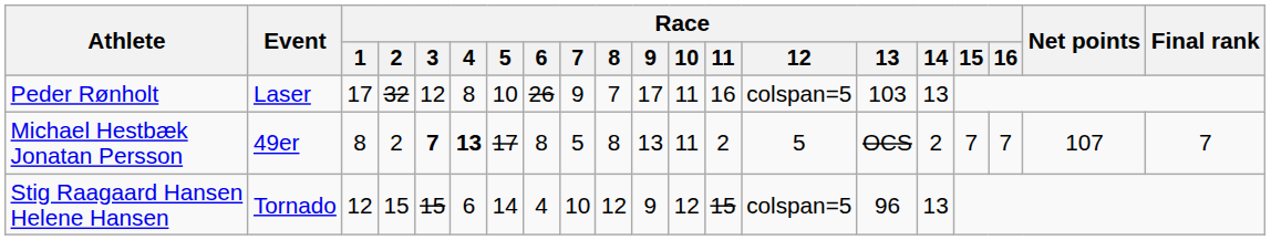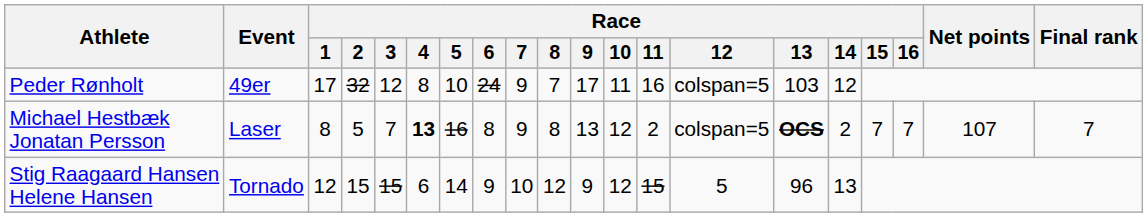 <table class="wikitable" style="font-size:90%">
 <tr>
 <th rowspan="2">Athlete</th>
 <th rowspan="2">Event</th>
 <th colspan=16>Race</th>
 <th rowspan=2>Net points</th>
 <th rowspan=2>Final rank</th>
 </tr>
 <tr style="font-size:95%">
 <th>1</th>
 <th>2</th>
 <th>3</th>
 <th>4</th>
 <th>5</th>
 <th>6</th>
 <th>7</th>
 <th>8</th>
 <th>9</th>
 <th>10</th>
 <th>11</th>
 <th>12</th>
 <th>13</th>
 <th>14</th>
 <th>15</th>
 <th>16</th>
 </tr>
 <tr align=center>
 <td align=left><a href='#'>Peder Rønholt</a></td>
-<td align=left><a href='#'>Laser</a></td>
+<td align=left><a href='#'>49er</a></td>
 <td>17</td>
 <td><s>32</s></td>
 <td>12</td>
 <td>8</td>
 <td>10</td>
-<td><s>26</s></td>
+<td><s>24</s></td>
 <td>9</td>
 <td>7</td>
 <td>17</td>
 <td>11</td>
 <td>16</td>
 <td>colspan=5 </td>
 <td>103</td>
-<td>13</td>
+<td>12</td>
 </tr>
 <tr align=center>
 <td align=left><a href='#'>Michael Hestbæk</a><br><a href='#'>Jonatan Persson</a></td>
-<td align=left><a href='#'>49er</a></td>
-<td>8</td>
-<td>2</td>
-<td><strong>7</strong></td>
-<td><strong>13</strong></td>
-<td><s>17</s></td>
+<td align=left><a href='#'>Laser</a></td>
 <td>8</td>
 <td>5</td>
+<td>7</td>
+<td><strong>13</strong></td>
+<td><s>16</s></td>
+<td>8</td>
+<td>9</td>
 <td>8</td>
 <td>13</td>
-<td>11</td>
+<td>12</td>
 <td>2</td>
-<td>5</td>
-<td><s>OCS</s></td>
+<td>colspan=5 </td>
+<td><strong><s>OCS</s></strong></td>
 <td>2</td>
 <td>7</td>
 <td>7</td>
 <td>107</td>
 <td>7</td>
 </tr>
 <tr align=center>
 <td align=left><a href='#'>Stig Raagaard Hansen</a><br><a href='#'>Helene Hansen</a></td>
 <td align=left><a href='#'>Tornado</a></td>
 <td>12</td>
 <td>15</td>
 <td><s>15</s></td>
 <td>6</td>
 <td>14</td>
-<td>4</td>
+<td>9</td>
 <td>10</td>
 <td>12</td>
 <td>9</td>
 <td>12</td>
 <td><s>15</s></td>
-<td>colspan=5 </td>
+<td>5</td>
 <td>96</td>
 <td>13</td>
 </tr>
 </table>
